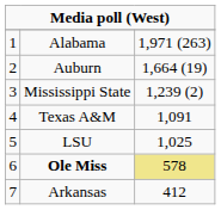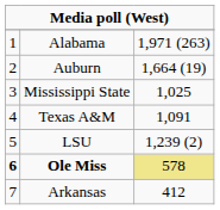 <table class="wikitable">
 <tr align="center">
 <td align="center" Colspan="3"><strong>Media poll (West)</strong></td>
 </tr>
 <tr align="center">
 </tr>
 <tr align="center">
 <td>1</td>
 <td>Alabama</td>
 <td>1,971 (263)</td>
 </tr>
 <tr align="center">
 <td>2</td>
 <td>Auburn</td>
 <td>1,664 (19)</td>
 </tr>
 <tr align="center">
 <td>3</td>
 <td>Mississippi State</td>
-<td>1,239 (2)</td>
+<td>1,025</td>
 </tr>
 <tr align="center">
 <td>4</td>
 <td>Texas A&M</td>
 <td>1,091</td>
 </tr>
 <tr align="center">
 <td>5</td>
 <td>LSU</td>
-<td>1,025</td>
+<td>1,239 (2)</td>
 </tr>
 <tr align="center">
-<td>6</td>
+<td><strong>6</strong></td>
 <td><strong>Ole Miss</strong></td>
 <td style="background: khaki;">578</td>
 </tr>
 <tr align="center">
 <td>7</td>
 <td>Arkansas</td>
 <td>412</td>
 </tr>
 </table>
